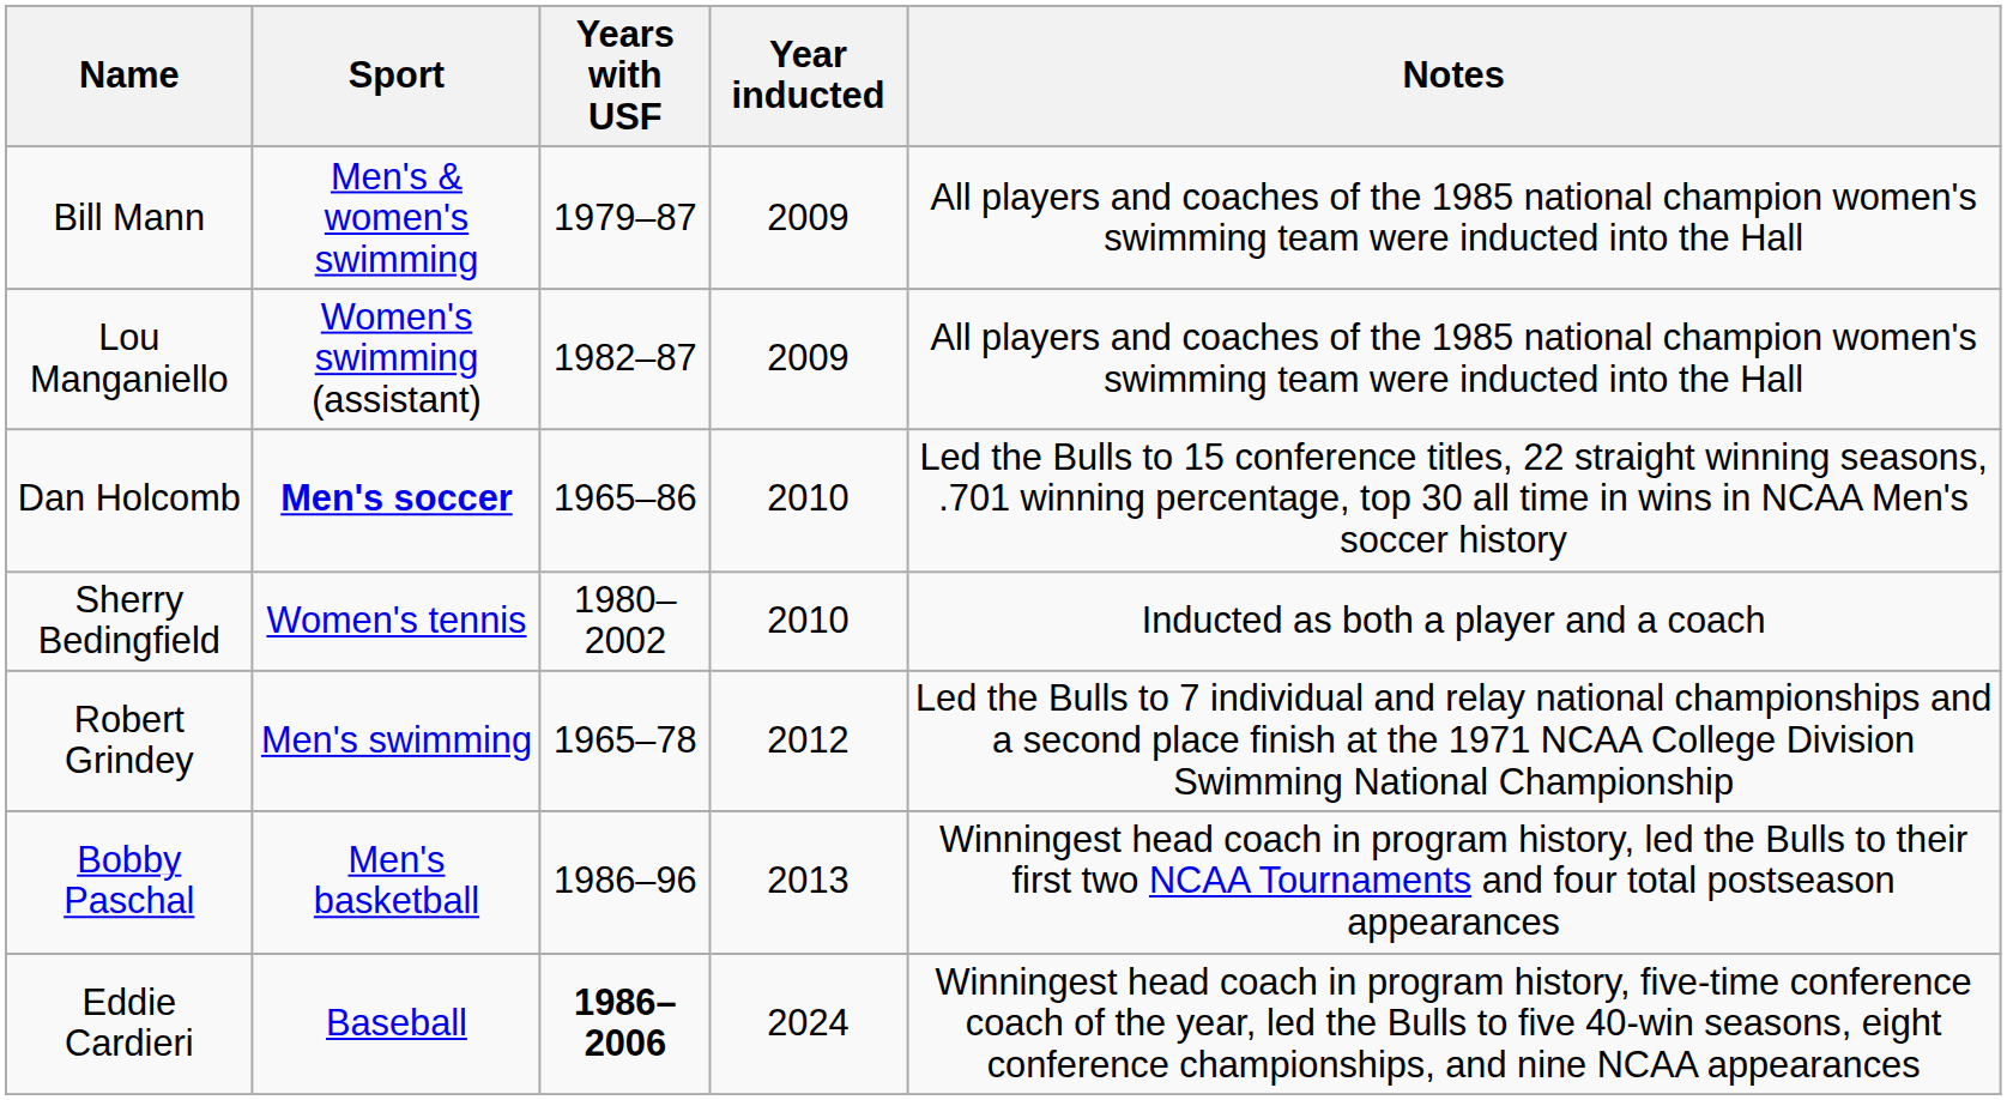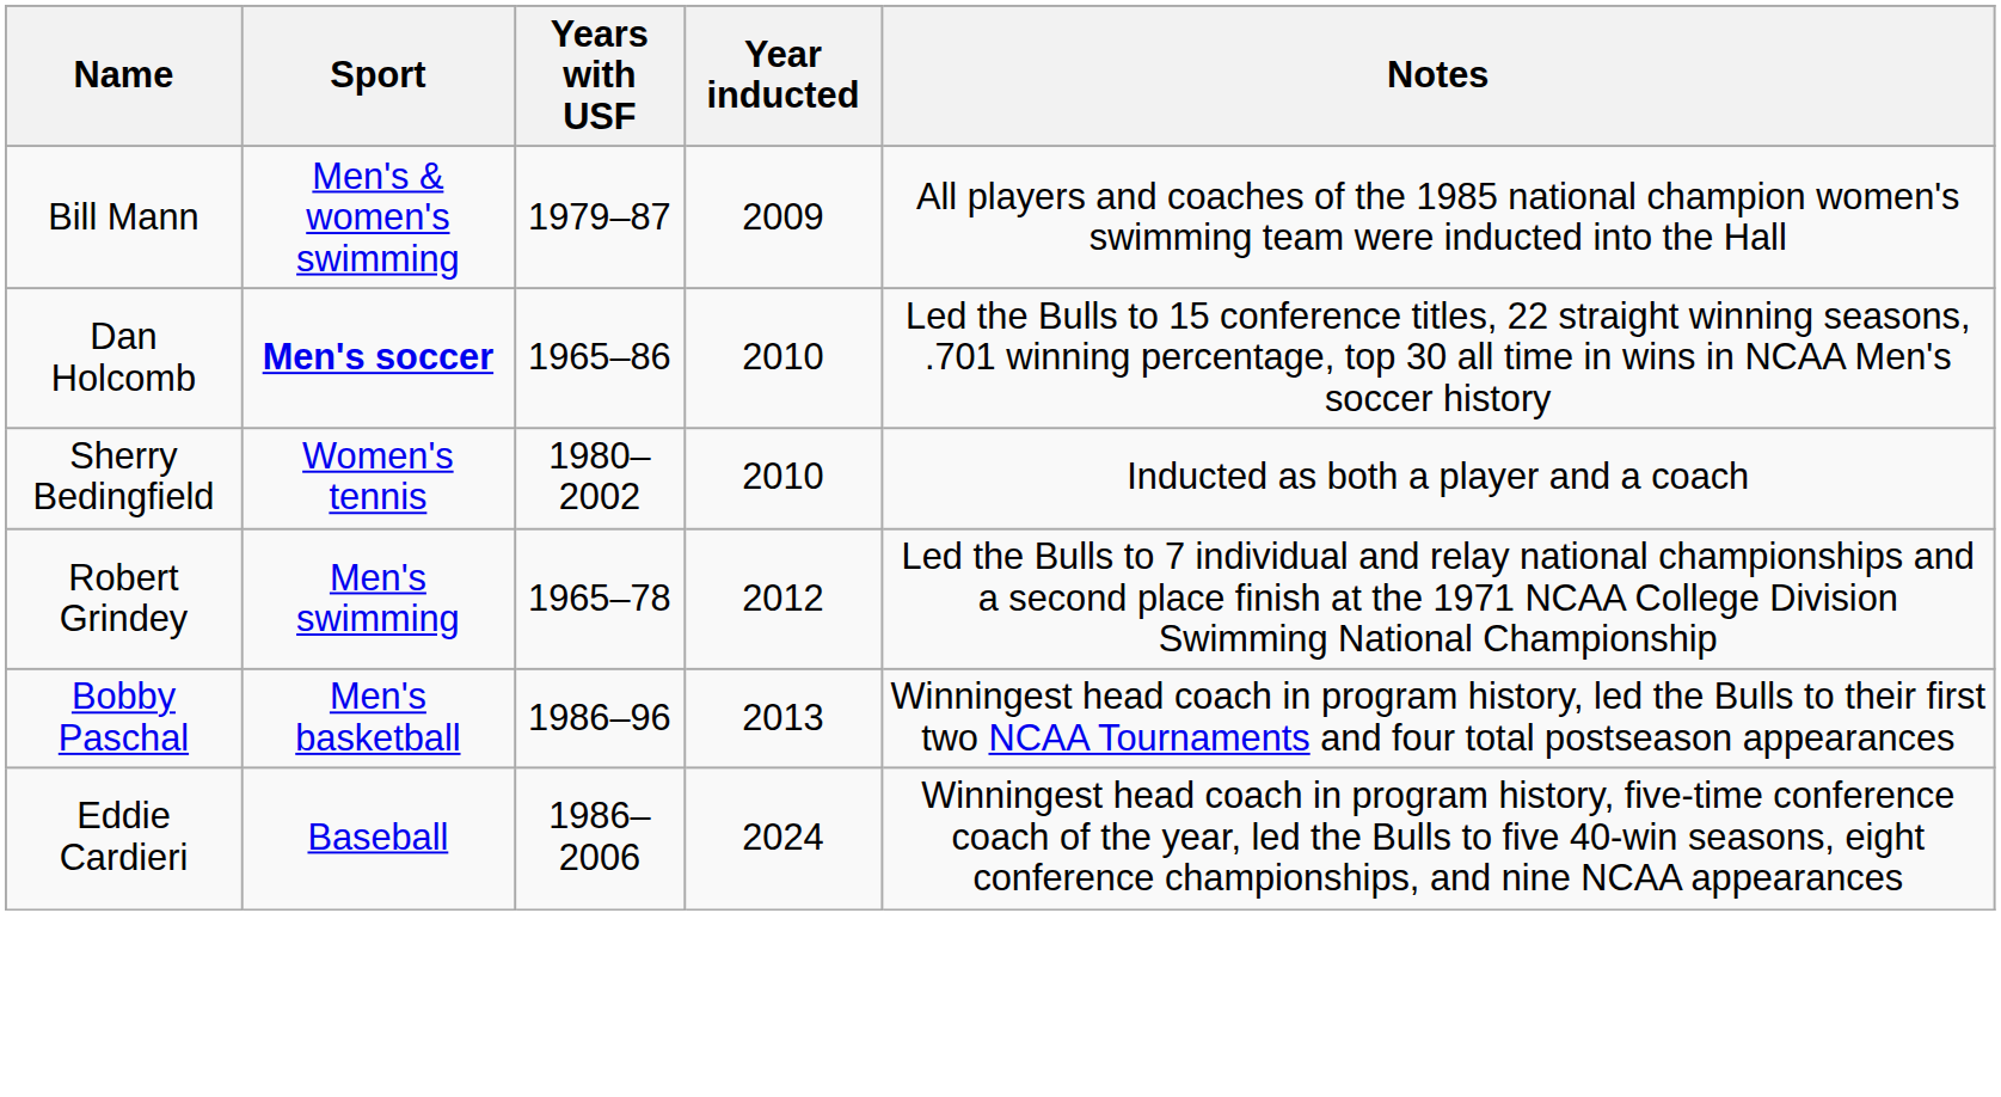 <table class="wikitable sortable" style="text-align:center;">
 <tr>
 <th style="text-align:center;">Name</th>
 <th style="text-align:center;">Sport</th>
 <th style="text-align:center;">Years with USF</th>
 <th style="text-align:center;">Year inducted</th>
 <th style="text-align:center;">Notes</th>
 </tr>
 <tr>
 <td>Bill Mann</td>
 <td><a href='#'>Men's & women's swimming</a></td>
 <td>1979–87</td>
-<td>2009</td>
-<td>All players and coaches of the 1985 national champion women's swimming team were inducted into the Hall</td>
-</tr>
-<tr>
-<td>Lou Manganiello</td>
-<td><a href='#'>Women's swimming</a> (assistant)</td>
-<td>1982–87</td>
 <td>2009</td>
 <td>All players and coaches of the 1985 national champion women's swimming team were inducted into the Hall</td>
 </tr>
 <tr>
 <td>Dan Holcomb</td>
 <td><strong><a href='#'>Men's soccer</a></strong></td>
 <td>1965–86</td>
 <td>2010</td>
 <td>Led the Bulls to 15 conference titles, 22 straight winning seasons, .701 winning percentage, top 30 all time in wins in NCAA Men's soccer history</td>
 </tr>
 <tr>
 <td>Sherry Bedingfield</td>
 <td><a href='#'>Women's tennis</a></td>
 <td>1980–2002</td>
 <td>2010</td>
 <td>Inducted as both a player and a coach</td>
 </tr>
 <tr>
 <td>Robert Grindey</td>
 <td><a href='#'>Men's swimming</a></td>
 <td>1965–78</td>
 <td>2012</td>
 <td>Led the Bulls to 7 individual and relay national championships and a second place finish at the 1971 NCAA College Division Swimming National Championship</td>
 </tr>
 <tr>
 <td><a href='#'>Bobby Paschal</a></td>
 <td><a href='#'>Men's basketball</a></td>
 <td>1986–96</td>
 <td>2013</td>
 <td>Winningest head coach in program history, led the Bulls to their first two <a href='#'>NCAA Tournaments</a> and four total postseason appearances</td>
 </tr>
 <tr>
 <td>Eddie Cardieri</td>
 <td><a href='#'>Baseball</a></td>
-<td><strong>1986–2006</strong></td>
+<td>1986–2006</td>
 <td>2024</td>
 <td>Winningest head coach in program history, five-time conference coach of the year, led the Bulls to five 40-win seasons, eight conference championships, and nine NCAA appearances</td>
 </tr>
 </table>
